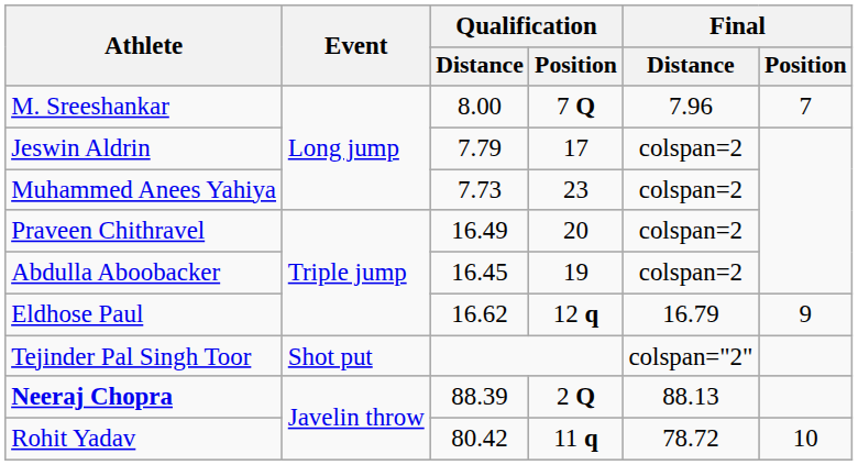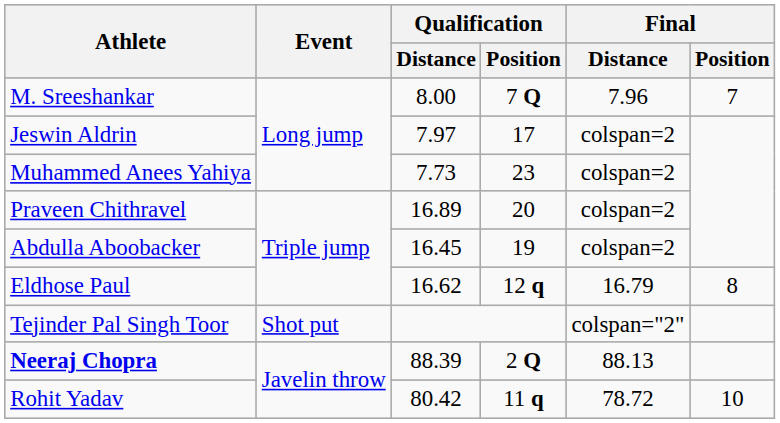 <table class=wikitable style="font-size:90%">
 <tr>
 <th rowspan="2">Athlete</th>
 <th rowspan="2">Event</th>
 <th colspan="2">Qualification</th>
 <th colspan="2">Final</th>
 </tr>
 <tr style="font-size:95%">
 <th>Distance</th>
 <th>Position</th>
 <th>Distance</th>
 <th>Position</th>
 </tr>
 <tr style=text-align:center>
 <td style=text-align:left><a href='#'>M. Sreeshankar</a></td>
 <td rowspan="3" style="text-align:left"><a href='#'>Long jump</a></td>
 <td>8.00</td>
 <td>7 <strong>Q</strong></td>
 <td>7.96</td>
 <td>7</td>
 </tr>
 <tr align="center">
 <td align="left"><a href='#'>Jeswin Aldrin</a></td>
-<td>7.79</td>
+<td>7.97</td>
 <td>17</td>
 <td>colspan=2 </td>
 </tr>
 <tr align="center">
 <td align="left"><a href='#'>Muhammed Anees Yahiya</a></td>
 <td>7.73</td>
 <td>23</td>
 <td>colspan=2 </td>
 </tr>
 <tr style=text-align:center>
 <td style=text-align:left><a href='#'>Praveen Chithravel</a></td>
 <td rowspan="3" style="text-align:left"><a href='#'>Triple jump</a></td>
-<td>16.49</td>
+<td>16.89</td>
 <td>20</td>
 <td>colspan=2 </td>
 </tr>
 <tr align="center">
 <td align="left"><a href='#'>Abdulla Aboobacker</a></td>
 <td>16.45</td>
 <td>19</td>
 <td>colspan=2 </td>
 </tr>
 <tr align="center">
 <td align="left"><a href='#'>Eldhose Paul</a></td>
 <td>16.62</td>
 <td>12 <strong>q</strong></td>
 <td>16.79</td>
-<td>9</td>
+<td>8</td>
 </tr>
 <tr style="text-align:center">
 <td style="text-align:left"><a href='#'>Tejinder Pal Singh Toor</a></td>
 <td style="text-align:left"><a href='#'>Shot put</a></td>
 <td colspan="2"></td>
 <td>colspan="2" </td>
 </tr>
 <tr style="text-align:center">
 <td style="text-align:left"><strong><a href='#'>Neeraj Chopra</a></strong></td>
 <td rowspan="2" style="text-align:left"><a href='#'>Javelin throw</a></td>
 <td>88.39</td>
 <td>2 <strong>Q</strong></td>
 <td>88.13</td>
 <td></td>
 </tr>
 <tr align="center">
 <td align="left"><a href='#'>Rohit Yadav</a></td>
 <td>80.42</td>
 <td>11 <strong>q</strong></td>
 <td>78.72</td>
 <td>10</td>
 </tr>
 </table>
